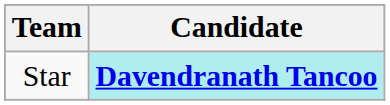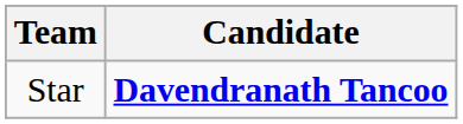 <table class="wikitable" style="text-align:center">
 <tr>
 <th>Team</th>
 <th>Candidate</th>
 </tr>
 <tr>
 <td>Star</td>
-<td style="background: paleturquoise;"><strong><a href='#'>Davendranath Tancoo</a></strong></td>
+<td><strong><a href='#'>Davendranath Tancoo</a></strong></td>
 </tr>
 </table>
